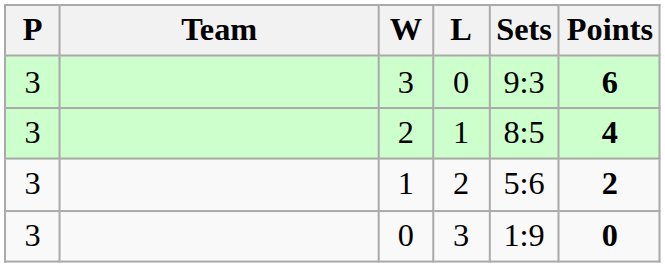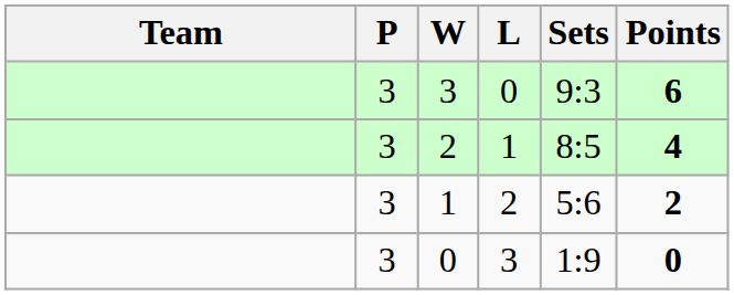 <table class="wikitable" style="text-align:center;">
 <tr>
+<th width=150>Team</th>
 <th width=20>P</th>
-<th width=150>Team</th>
 <th width=20>W</th>
 <th width=20>L</th>
 <th width=20>Sets</th>
 <th width=20>Points</th>
 </tr>
 <tr bgcolor="#ccffcc">
+<td align="left"></td>
 <td>3</td>
-<td align="left"></td>
 <td>3</td>
 <td>0</td>
 <td>9:3</td>
 <td><strong>6</strong></td>
 </tr>
 <tr bgcolor="#ccffcc">
+<td align="left"></td>
 <td>3</td>
-<td align="left"></td>
 <td>2</td>
 <td>1</td>
 <td>8:5</td>
 <td><strong>4</strong></td>
 </tr>
 <tr>
+<td align="left"></td>
 <td>3</td>
-<td align="left"></td>
 <td>1</td>
 <td>2</td>
 <td>5:6</td>
 <td><strong>2</strong></td>
 </tr>
 <tr>
+<td align="left"></td>
 <td>3</td>
-<td align="left"></td>
 <td>0</td>
 <td>3</td>
 <td>1:9</td>
 <td><strong>0</strong></td>
 </tr>
 </table>
